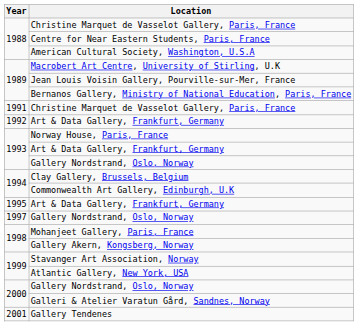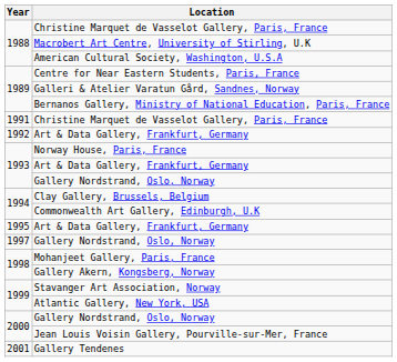 <table class="wikitable">
 <tr>
 <th>Year</th>
 <th>Location</th>
 </tr>
 <tr>
 <td rowspan=3>1988</td>
 <td>Christine Marquet de Vasselot Gallery, <a href='#'>Paris, France</a></td>
 </tr>
 <tr>
-<td>Centre for Near Eastern Students, <a href='#'>Paris, France</a></td>
+<td><a href='#'>Macrobert Art Centre</a>, <a href='#'>University of Stirling</a>, U.K</td>
 </tr>
 <tr>
 <td>American Cultural Society, <a href='#'>Washington, U.S.A</a></td>
 </tr>
 <tr>
 <td rowspan=3>1989</td>
-<td><a href='#'>Macrobert Art Centre</a>, <a href='#'>University of Stirling</a>, U.K</td>
+<td>Centre for Near Eastern Students, <a href='#'>Paris, France</a></td>
 </tr>
 <tr>
-<td>Jean Louis Voisin Gallery, Pourville-sur-Mer, France</td>
+<td>Galleri & Atelier Varatun Gård, <a href='#'>Sandnes, Norway</a></td>
 </tr>
 <tr>
 <td>Bernanos Gallery, <a href='#'>Ministry of National Education</a>, <a href='#'>Paris, France</a></td>
 </tr>
 <tr>
 <td>1991</td>
 <td>Christine Marquet de Vasselot Gallery, <a href='#'>Paris, France</a></td>
 </tr>
 <tr>
 <td>1992</td>
 <td>Art & Data Gallery, <a href='#'>Frankfurt, Germany</a></td>
 </tr>
 <tr>
 <td rowspan=3>1993</td>
 <td>Norway House, <a href='#'>Paris, France</a></td>
 </tr>
 <tr>
 <td>Art & Data Gallery, <a href='#'>Frankfurt, Germany</a></td>
 </tr>
 <tr>
 <td>Gallery Nordstrand, <a href='#'>Oslo, Norway</a></td>
 </tr>
 <tr>
 <td rowspan=2>1994</td>
 <td>Clay Gallery, <a href='#'>Brussels, Belgium</a></td>
 </tr>
 <tr>
 <td>Commonwealth Art Gallery, <a href='#'>Edinburgh, U.K</a></td>
 </tr>
 <tr>
 <td>1995</td>
 <td>Art & Data Gallery, <a href='#'>Frankfurt, Germany</a></td>
 </tr>
 <tr>
 <td>1997</td>
 <td>Gallery Nordstrand, <a href='#'>Oslo, Norway</a></td>
 </tr>
 <tr>
 <td rowspan=2>1998</td>
 <td>Mohanjeet Gallery, <a href='#'>Paris, France</a></td>
 </tr>
 <tr>
 <td>Gallery Akern, <a href='#'>Kongsberg, Norway</a></td>
 </tr>
 <tr>
 <td rowspan=2>1999</td>
 <td>Stavanger Art Association, <a href='#'>Norway</a></td>
 </tr>
 <tr>
 <td>Atlantic Gallery, <a href='#'>New York, USA</a></td>
 </tr>
 <tr>
 <td rowspan=2>2000</td>
 <td>Gallery Nordstrand, <a href='#'>Oslo, Norway</a></td>
 </tr>
 <tr>
-<td>Galleri & Atelier Varatun Gård, <a href='#'>Sandnes, Norway</a></td>
+<td>Jean Louis Voisin Gallery, Pourville-sur-Mer, France</td>
 </tr>
 <tr>
 <td>2001</td>
 <td>Gallery Tendenes</td>
 </tr>
 </table>
